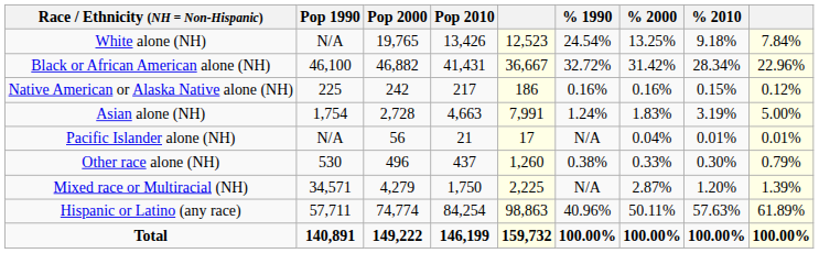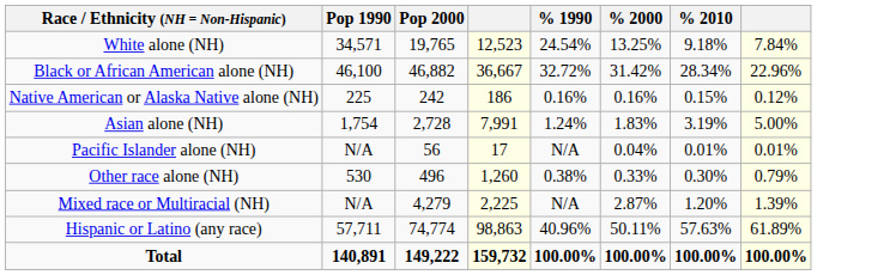 <table class="wikitable" style="text-align:center;">
 <tr>
 <th>Race / Ethnicity <small>(<em>NH = Non-Hispanic</em>)</small></th>
 <th>Pop 1990</th>
 <th>Pop 2000</th>
-<th>Pop 2010</th>
 <th></th>
 <th>% 1990</th>
 <th>% 2000</th>
 <th>% 2010</th>
 <th></th>
 </tr>
 <tr>
 <td><a href='#'>White</a> alone (NH)</td>
-<td>N/A</td>
+<td>34,571</td>
 <td>19,765</td>
-<td>13,426</td>
 <td style='background: #ffffe6;'>12,523</td>
 <td>24.54%</td>
 <td>13.25%</td>
 <td>9.18%</td>
 <td style='background: #ffffe6;'>7.84%</td>
 </tr>
 <tr>
 <td><a href='#'>Black or African American</a> alone (NH)</td>
 <td>46,100</td>
 <td>46,882</td>
-<td>41,431</td>
 <td style='background: #ffffe6;'>36,667</td>
 <td>32.72%</td>
 <td>31.42%</td>
 <td>28.34%</td>
 <td style='background: #ffffe6;'>22.96%</td>
 </tr>
 <tr>
 <td><a href='#'>Native American</a> or <a href='#'>Alaska Native</a> alone (NH)</td>
 <td>225</td>
 <td>242</td>
-<td>217</td>
 <td style='background: #ffffe6;'>186</td>
 <td>0.16%</td>
 <td>0.16%</td>
 <td>0.15%</td>
 <td style='background: #ffffe6;'>0.12%</td>
 </tr>
 <tr>
 <td><a href='#'>Asian</a> alone (NH)</td>
 <td>1,754</td>
 <td>2,728</td>
-<td>4,663</td>
 <td style='background: #ffffe6;'>7,991</td>
 <td>1.24%</td>
 <td>1.83%</td>
 <td>3.19%</td>
 <td style='background: #ffffe6;'>5.00%</td>
 </tr>
 <tr>
 <td><a href='#'>Pacific Islander</a> alone (NH)</td>
 <td>N/A</td>
 <td>56</td>
-<td>21</td>
 <td style='background: #ffffe6;'>17</td>
 <td>N/A</td>
 <td>0.04%</td>
 <td>0.01%</td>
 <td style='background: #ffffe6;'>0.01%</td>
 </tr>
 <tr>
 <td><a href='#'>Other race</a> alone (NH)</td>
 <td>530</td>
 <td>496</td>
-<td>437</td>
 <td style='background: #ffffe6;'>1,260</td>
 <td>0.38%</td>
 <td>0.33%</td>
 <td>0.30%</td>
 <td style='background: #ffffe6;'>0.79%</td>
 </tr>
 <tr>
 <td><a href='#'>Mixed race or Multiracial</a> (NH)</td>
-<td>34,571</td>
+<td>N/A</td>
 <td>4,279</td>
-<td>1,750</td>
 <td style='background: #ffffe6;'>2,225</td>
 <td>N/A</td>
 <td>2.87%</td>
 <td>1.20%</td>
 <td style='background: #ffffe6;'>1.39%</td>
 </tr>
 <tr>
 <td><a href='#'>Hispanic or Latino</a> (any race)</td>
 <td>57,711</td>
 <td>74,774</td>
-<td>84,254</td>
 <td style='background: #ffffe6;'>98,863</td>
 <td>40.96%</td>
 <td>50.11%</td>
 <td>57.63%</td>
 <td style='background: #ffffe6;'>61.89%</td>
 </tr>
 <tr>
 <td><strong>Total</strong></td>
 <td><strong>140,891</strong></td>
 <td><strong>149,222</strong></td>
-<td><strong>146,199</strong></td>
 <td style='background: #ffffe6;'><strong>159,732</strong></td>
 <td><strong>100.00%</strong></td>
 <td><strong>100.00%</strong></td>
 <td><strong>100.00%</strong></td>
 <td style='background: #ffffe6;'><strong>100.00%</strong></td>
 </tr>
 </table>
